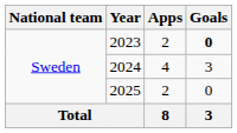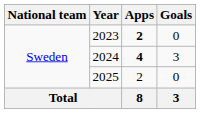 <table class="wikitable" style="text-align:center">
 <tr>
 <th>National team</th>
 <th>Year</th>
 <th>Apps</th>
 <th>Goals</th>
 </tr>
 <tr>
 <td rowspan="3"><a href='#'>Sweden</a></td>
 <td>2023</td>
-<td>2</td>
-<td><strong>0</strong></td>
+<td><strong>2</strong></td>
+<td>0</td>
 </tr>
 <tr>
 <td>2024</td>
-<td>4</td>
+<td><strong>4</strong></td>
 <td>3</td>
 </tr>
 <tr>
 <td>2025</td>
 <td>2</td>
 <td>0</td>
 </tr>
 <tr>
 <th colspan="2">Total</th>
 <th>8</th>
 <th>3</th>
 </tr>
 </table>
